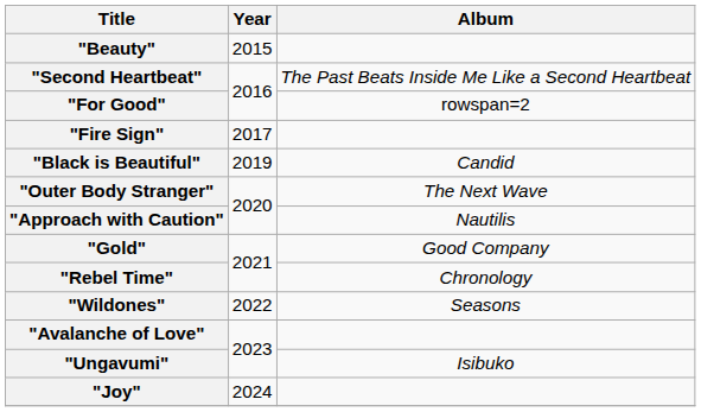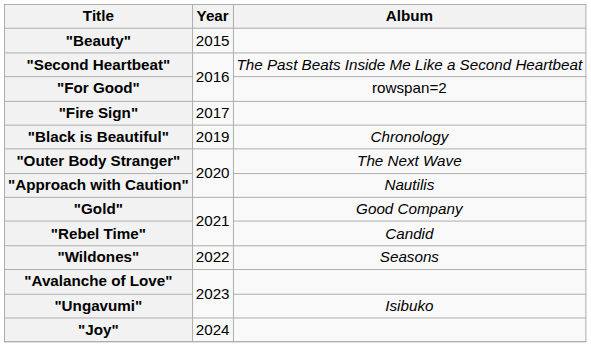 <table class="wikitable plainrowheaders" style="text-align:center;">
 <tr>
 <th>Title</th>
 <th>Year</th>
 <th>Album</th>
 </tr>
 <tr>
 <th scope="row">"Beauty"<br></th>
 <td>2015</td>
 <td></td>
 </tr>
 <tr>
 <th scope="row">"Second Heartbeat"<br></th>
 <td rowspan=2>2016</td>
 <td><em>The Past Beats Inside Me Like a Second Heartbeat</em></td>
 </tr>
 <tr>
 <th scope="row">"For Good"<br></th>
 <td>rowspan=2 </td>
 </tr>
 <tr>
 <th scope="row">"Fire Sign"<br></th>
 <td>2017</td>
 </tr>
 <tr>
 <th scope="row">"Black is Beautiful"<br></th>
 <td>2019</td>
-<td><em>Candid</em></td>
+<td><em>Chronology</em></td>
 </tr>
 <tr>
 <th scope="row">"Outer Body Stranger"<br></th>
 <td rowspan=2>2020</td>
 <td><em>The Next Wave</em></td>
 </tr>
 <tr>
 <th scope="row">"Approach with Caution"<br></th>
 <td><em>Nautilis</em></td>
 </tr>
 <tr>
 <th scope="row">"Gold"<br></th>
 <td rowspan=2>2021</td>
 <td><em>Good Company</em></td>
 </tr>
 <tr>
 <th scope="row">"Rebel Time"<br></th>
-<td><em>Chronology</em></td>
+<td><em>Candid</em></td>
 </tr>
 <tr>
 <th scope="row">"Wildones"<br></th>
 <td>2022</td>
 <td><em>Seasons</em></td>
 </tr>
 <tr>
 <th scope="row">"Avalanche of Love"<br></th>
 <td rowspan=2>2023</td>
 <td></td>
 </tr>
 <tr>
 <th scope="row">"Ungavumi" <br></th>
 <td><em>Isibuko</em></td>
 </tr>
 <tr>
 <th scope="row">"Joy"<br></th>
 <td>2024</td>
 <td></td>
 </tr>
 <tr>
 </tr>
 </table>
